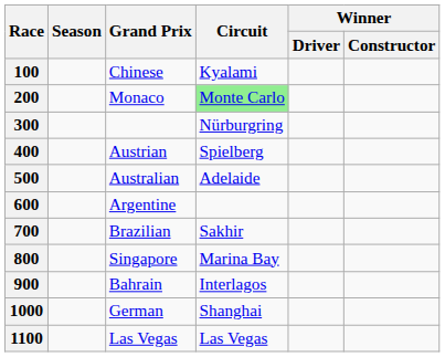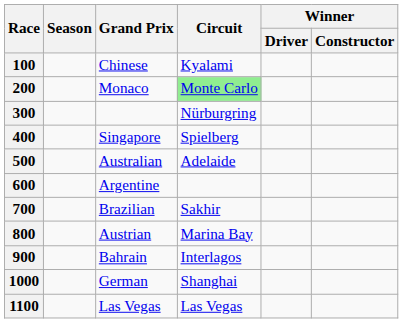 <table class="wikitable sortable">
 <tr>
 <th rowspan="2">Race</th>
 <th rowspan="2">Season</th>
 <th rowspan="2">Grand Prix</th>
 <th rowspan="2">Circuit</th>
 <th colspan="2">Winner</th>
 </tr>
 <tr>
 <th scope="col">Driver</th>
 <th scope="col">Constructor</th>
 </tr>
 <tr>
 <th scope="row">100</th>
 <td align="center"></td>
 <td data-sort-value="CHN"> <a href='#'>Chinese</a></td>
 <td><a href='#'>Kyalami</a></td>
 <td></td>
 <td></td>
 </tr>
 <tr>
 <th scope="row">200</th>
 <td align="center"></td>
 <td data-sort-value="MON"> <a href='#'>Monaco</a></td>
 <td style="background: lightgreen;"><a href='#'>Monte Carlo</a></td>
 <td></td>
 <td></td>
 </tr>
 <tr>
 <th scope="row">300</th>
 <td align="center"></td>
 <td data-sort-value="SOU"></td>
 <td><a href='#'>Nürburgring</a></td>
 <td></td>
 <td></td>
 </tr>
 <tr>
 <th scope="row">400</th>
 <td align="center"></td>
-<td data-sort-value="AUT"> <a href='#'>Austrian</a></td>
+<td data-sort-value="SIN"> <a href='#'>Singapore</a></td>
 <td><a href='#'>Spielberg</a></td>
 <td></td>
 <td></td>
 </tr>
 <tr>
 <th scope="row">500</th>
 <td align="center"></td>
 <td data-sort-value="AUS"> <a href='#'>Australian</a></td>
 <td><a href='#'>Adelaide</a></td>
 <td></td>
 <td></td>
 </tr>
 <tr>
 <th scope="row">600</th>
 <td align="center"></td>
 <td data-sort-value="ARG"> <a href='#'>Argentine</a></td>
 <td></td>
 <td></td>
 <td></td>
 </tr>
 <tr>
 <th scope="row">700</th>
 <td align="center"></td>
 <td data-sort-value="BRA"> <a href='#'>Brazilian</a></td>
 <td><a href='#'>Sakhir</a></td>
 <td></td>
 <td></td>
 </tr>
 <tr>
 <th scope="row">800</th>
 <td align="center"></td>
-<td data-sort-value="SIN"> <a href='#'>Singapore</a></td>
+<td data-sort-value="AUT"> <a href='#'>Austrian</a></td>
 <td><a href='#'>Marina Bay</a></td>
 <td></td>
 <td></td>
 </tr>
 <tr>
 <th scope="row">900</th>
 <td align="center"></td>
 <td data-sort-value="BHR"> <a href='#'>Bahrain</a></td>
 <td><a href='#'>Interlagos</a></td>
 <td></td>
 <td></td>
 </tr>
 <tr>
 <th scope="row">1000</th>
 <td align="center"></td>
 <td data-sort-value="GER"> <a href='#'>German</a></td>
 <td><a href='#'>Shanghai</a></td>
 <td></td>
 <td></td>
 </tr>
 <tr>
 <th scope="row">1100</th>
 <td align="center"></td>
 <td data-sort-value="LAS"> <a href='#'>Las Vegas</a></td>
 <td><a href='#'>Las Vegas</a></td>
 <td></td>
 <td></td>
 </tr>
 </table>
